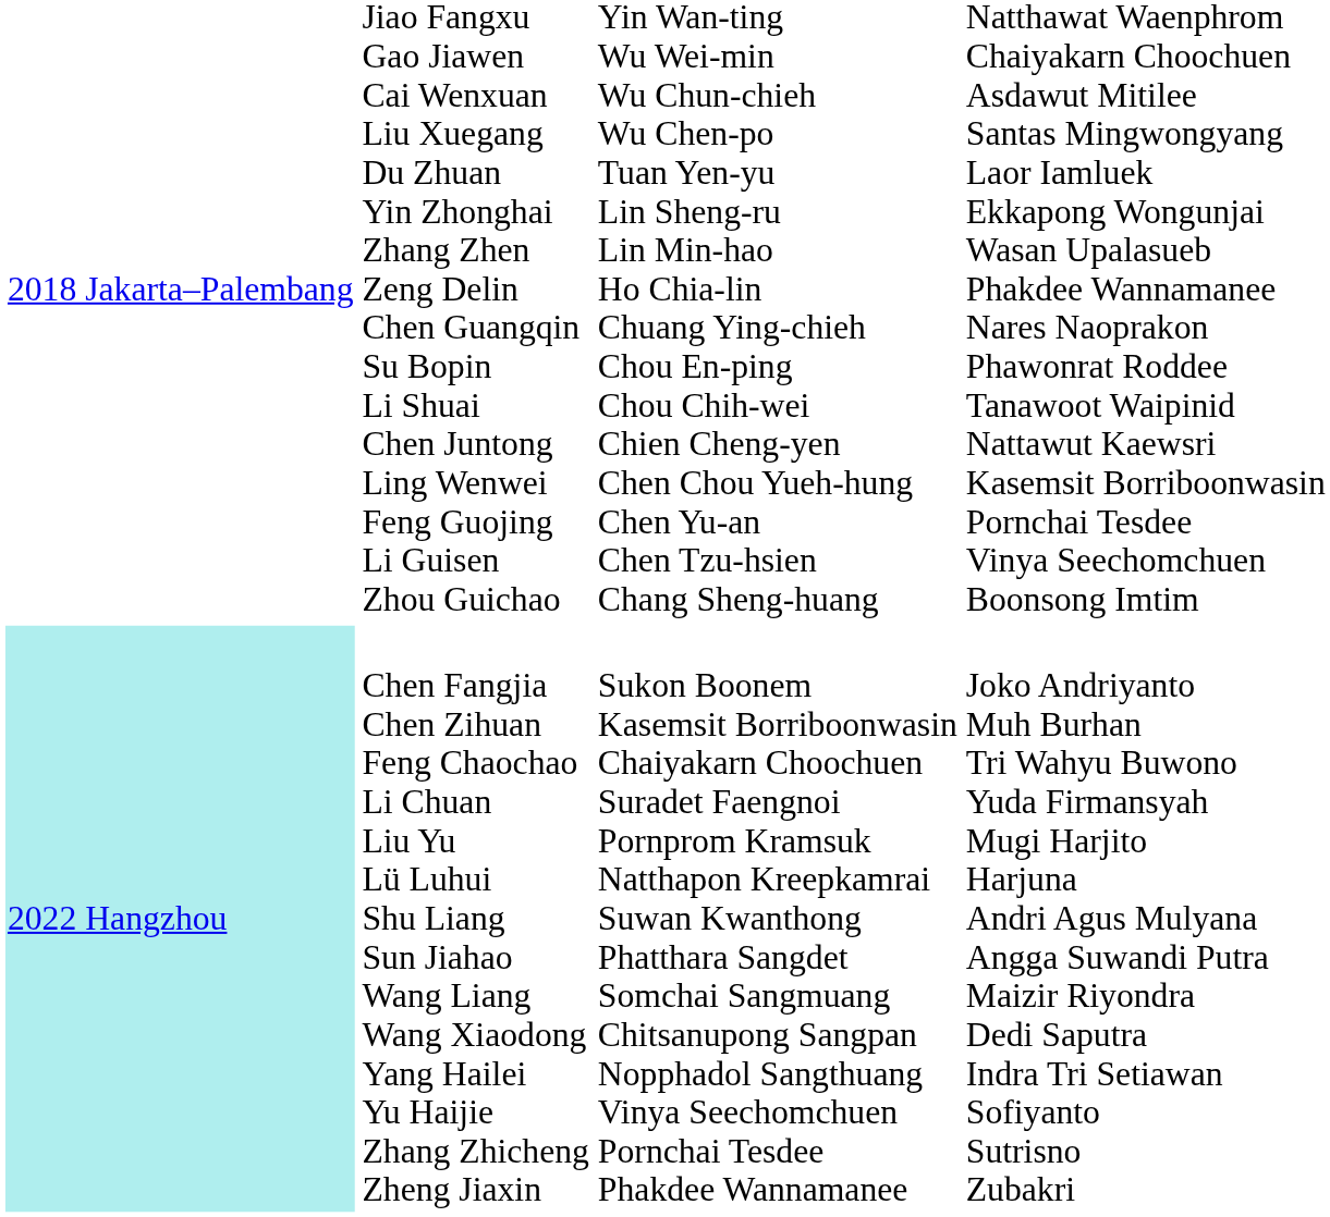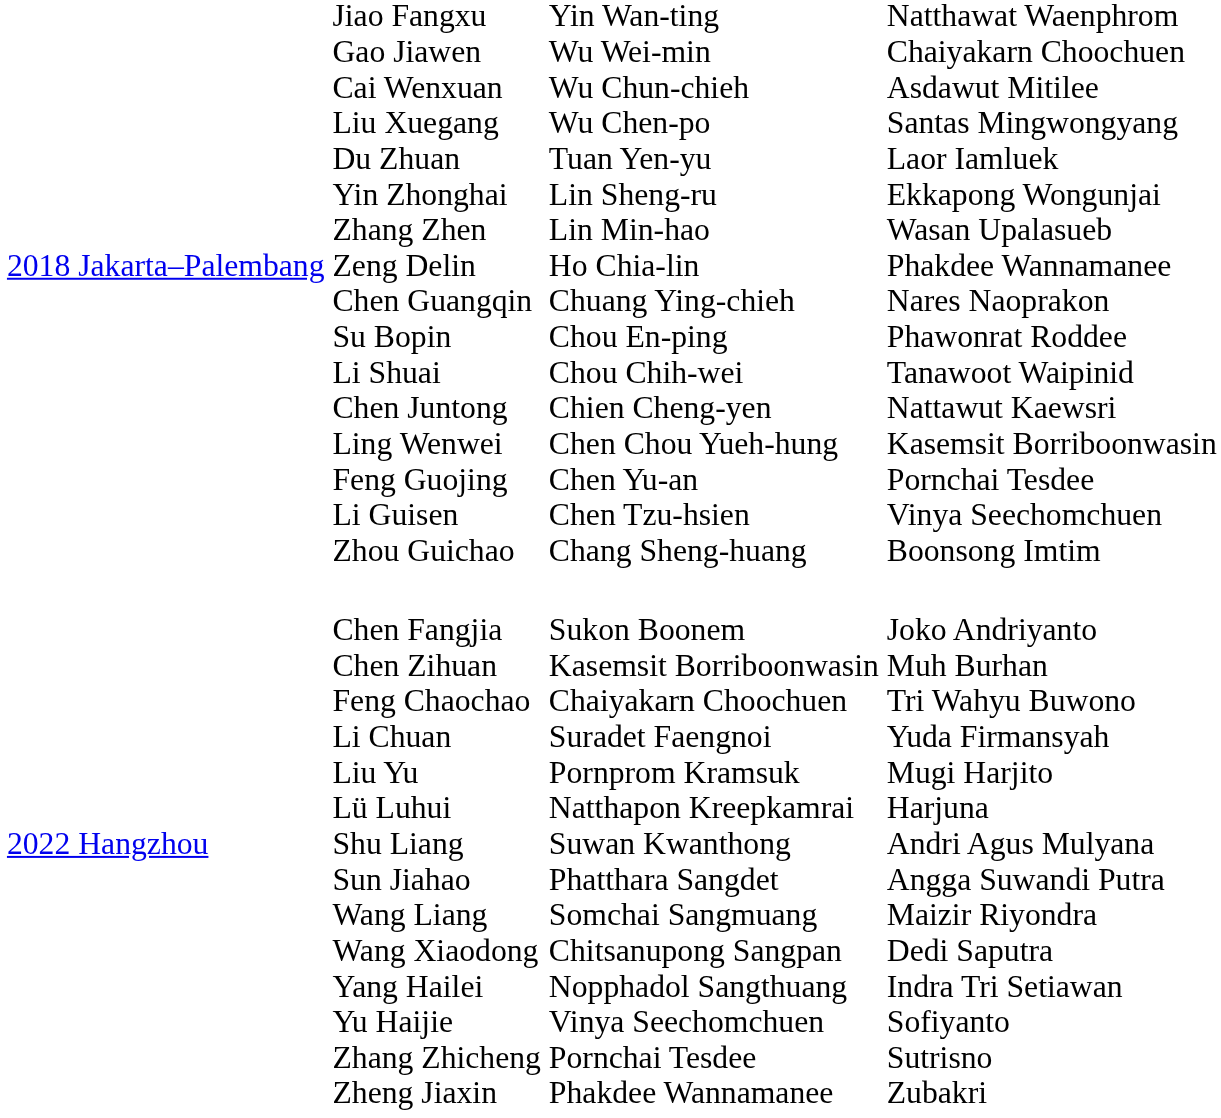 <table>
 <tr>
 <td><a href='#'>2018 Jakarta–Palembang</a></td>
 <td><br>Jiao Fangxu<br>Gao Jiawen<br>Cai Wenxuan<br>Liu Xuegang<br>Du Zhuan<br>Yin Zhonghai<br>Zhang Zhen<br>Zeng Delin<br>Chen Guangqin<br>Su Bopin<br>Li Shuai<br>Chen Juntong<br>Ling Wenwei<br>Feng Guojing<br>Li Guisen<br>Zhou Guichao</td>
 <td><br>Yin Wan-ting<br>Wu Wei-min<br>Wu Chun-chieh<br>Wu Chen-po<br>Tuan Yen-yu<br>Lin Sheng-ru<br>Lin Min-hao<br>Ho Chia-lin<br>Chuang Ying-chieh<br>Chou En-ping<br>Chou Chih-wei<br>Chien Cheng-yen<br>Chen Chou Yueh-hung<br>Chen Yu-an<br>Chen Tzu-hsien<br>Chang Sheng-huang</td>
 <td><br>Natthawat Waenphrom<br>Chaiyakarn Choochuen<br>Asdawut Mitilee<br>Santas Mingwongyang<br>Laor Iamluek<br>Ekkapong Wongunjai<br>Wasan Upalasueb<br>Phakdee Wannamanee<br>Nares Naoprakon<br>Phawonrat Roddee<br>Tanawoot Waipinid<br>Nattawut Kaewsri<br>Kasemsit Borriboonwasin<br>Pornchai Tesdee<br>Vinya Seechomchuen<br>Boonsong Imtim</td>
 </tr>
 <tr>
-<td style="background: paleturquoise;"><a href='#'>2022 Hangzhou</a></td>
+<td><a href='#'>2022 Hangzhou</a></td>
 <td><br>Chen Fangjia<br>Chen Zihuan<br>Feng Chaochao<br>Li Chuan<br>Liu Yu<br>Lü Luhui<br>Shu Liang<br>Sun Jiahao<br>Wang Liang<br>Wang Xiaodong<br>Yang Hailei<br>Yu Haijie<br>Zhang Zhicheng<br>Zheng Jiaxin</td>
 <td><br>Sukon Boonem<br>Kasemsit Borriboonwasin<br>Chaiyakarn Choochuen<br>Suradet Faengnoi<br>Pornprom Kramsuk<br>Natthapon Kreepkamrai<br>Suwan Kwanthong<br>Phatthara Sangdet<br>Somchai Sangmuang<br>Chitsanupong Sangpan<br>Nopphadol Sangthuang<br>Vinya Seechomchuen<br>Pornchai Tesdee<br>Phakdee Wannamanee</td>
 <td><br>Joko Andriyanto<br>Muh Burhan<br>Tri Wahyu Buwono<br>Yuda Firmansyah<br>Mugi Harjito<br>Harjuna<br>Andri Agus Mulyana<br>Angga Suwandi Putra<br>Maizir Riyondra<br>Dedi Saputra<br>Indra Tri Setiawan<br>Sofiyanto<br>Sutrisno<br>Zubakri</td>
 </tr>
 </table>
